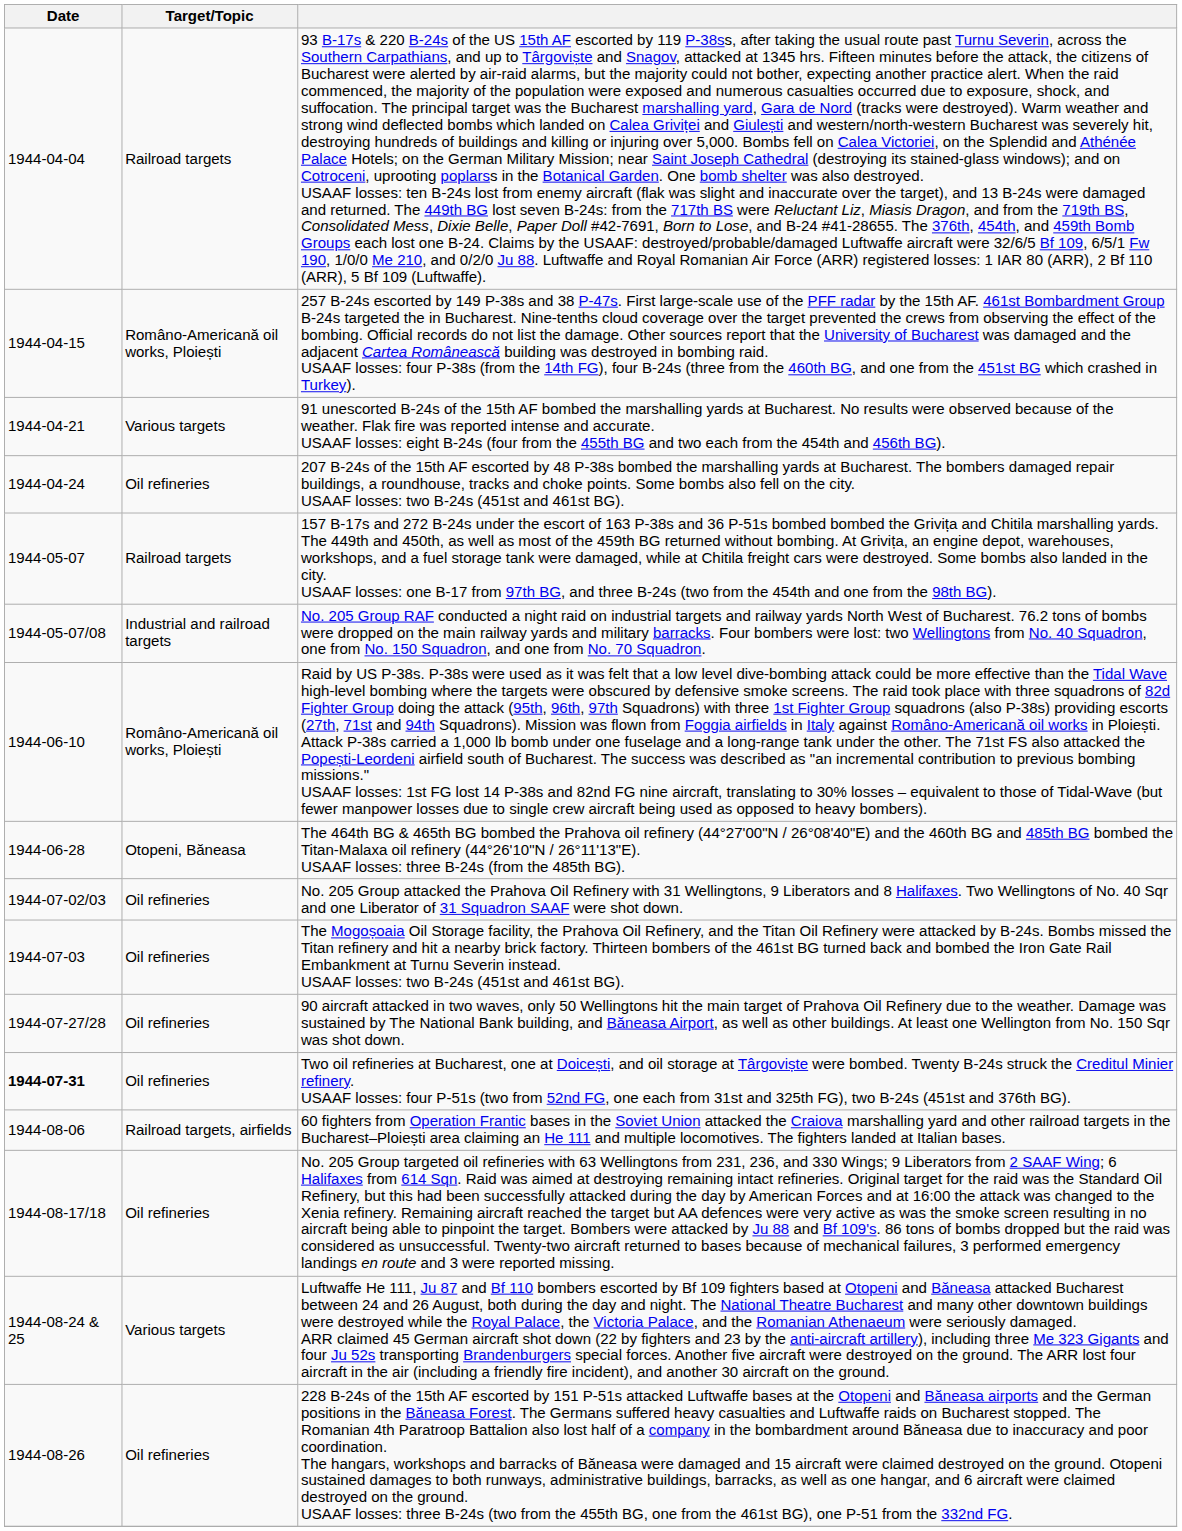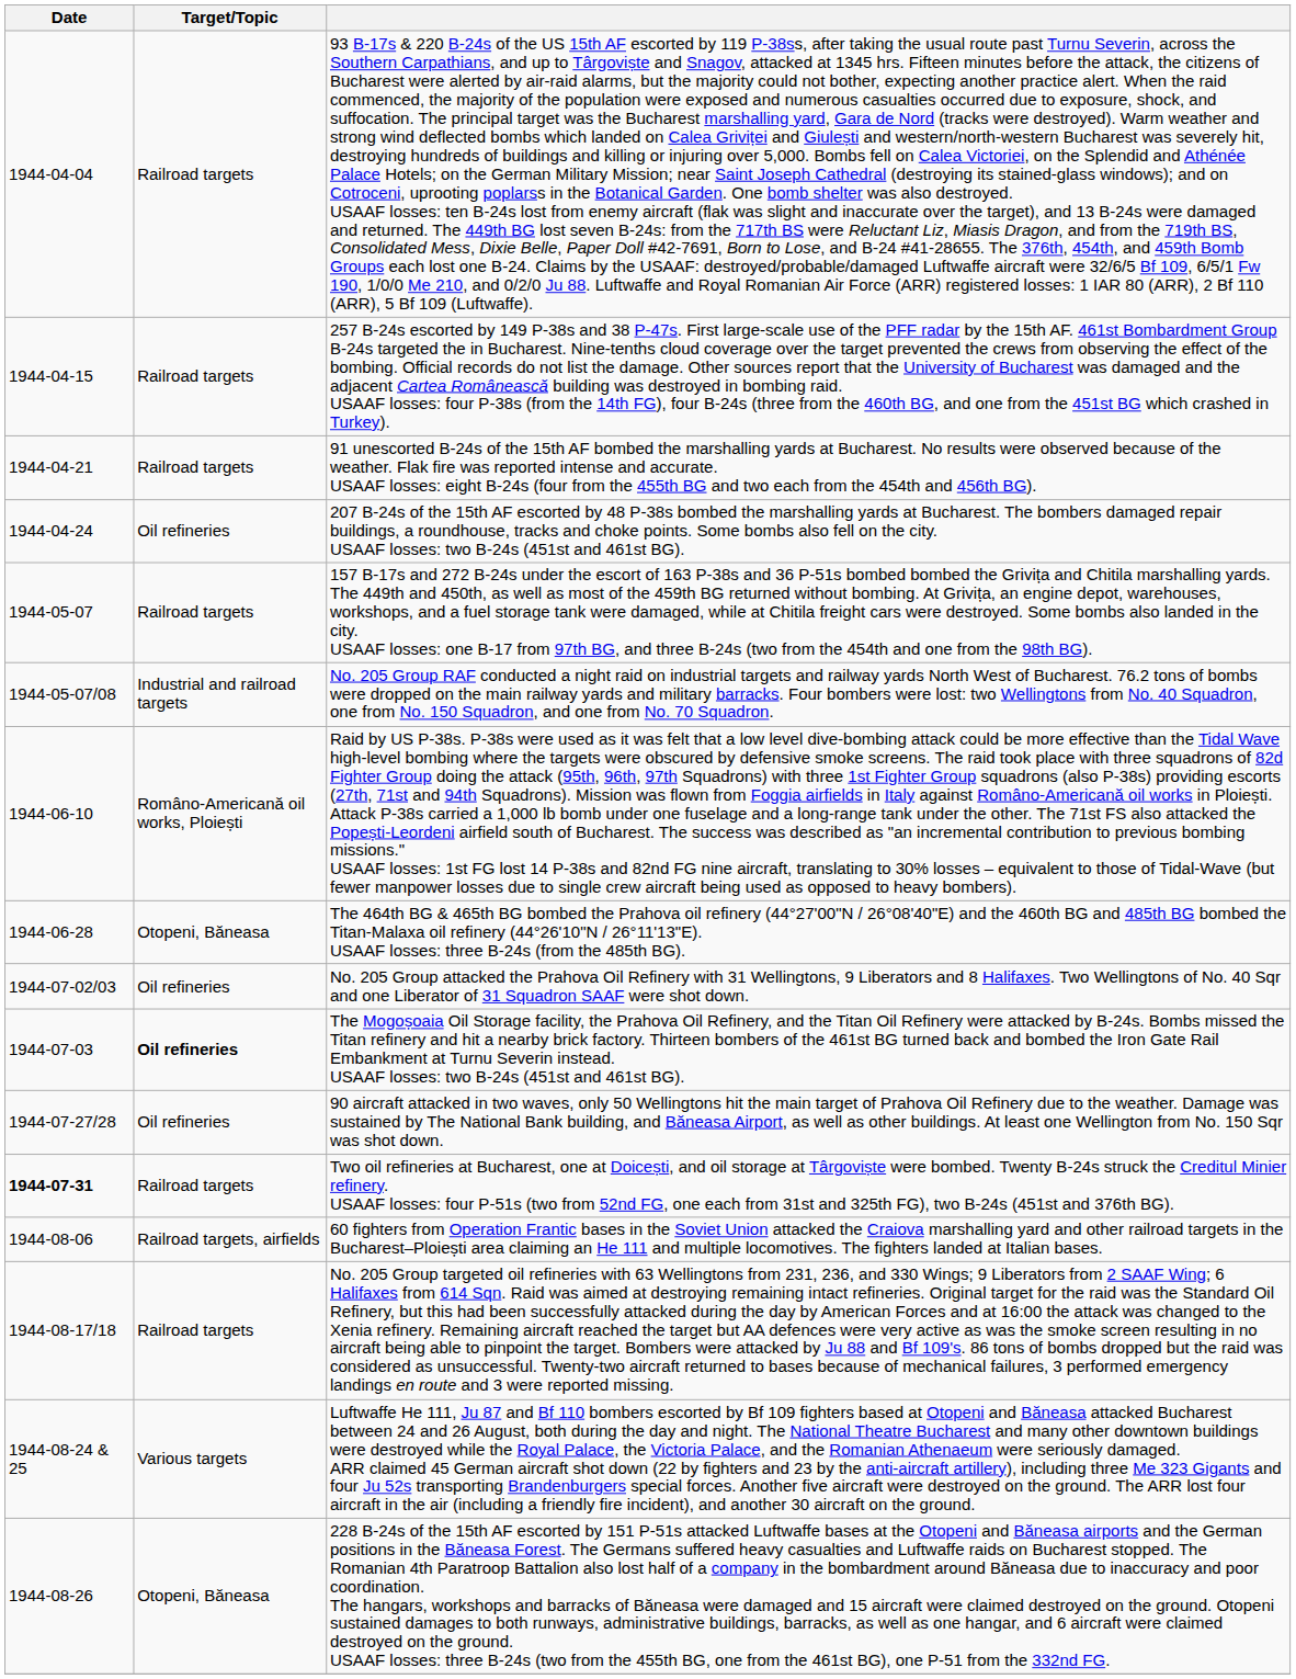 <table class="wikitable sortable">
 <tr>
 <th width=10%>Date</th>
 <th width=15%>Target/Topic</th>
 <th></th>
 </tr>
 <tr>
 <td>1944-04-04</td>
 <td>Railroad targets</td>
 <td> 93 <a href='#'>B-17s</a> & 220 <a href='#'>B-24s</a> of the US <a href='#'>15th AF</a> escorted by 119 <a href='#'>P-38s</a>s, after taking the usual route past <a href='#'>Turnu Severin</a>, across the <a href='#'>Southern Carpathians</a>, and up to <a href='#'>Târgoviște</a> and <a href='#'>Snagov</a>, attacked at 1345 hrs. Fifteen minutes before the attack, the citizens of Bucharest were alerted by air-raid alarms, but the majority could not bother, expecting another practice alert.  When the raid commenced, the majority of the population were exposed and numerous casualties occurred due to exposure, shock, and suffocation. The principal target was the Bucharest <a href='#'>marshalling yard</a>, <a href='#'>Gara de Nord</a> (tracks were destroyed). Warm weather and strong wind deflected bombs which landed on <a href='#'>Calea Griviței</a> and <a href='#'>Giulești</a> and western/north-western Bucharest was severely hit, destroying hundreds of buildings and killing or injuring over 5,000.  Bombs fell on <a href='#'>Calea Victoriei</a>, on the Splendid and <a href='#'>Athénée Palace</a> Hotels; on the German Military Mission; near <a href='#'>Saint Joseph Cathedral</a> (destroying its stained-glass windows); and on <a href='#'>Cotroceni</a>, uprooting <a href='#'>poplars</a>s in the <a href='#'>Botanical Garden</a>. One <a href='#'>bomb shelter</a> was also destroyed.<br>USAAF losses: ten B-24s lost from enemy aircraft (flak was slight and inaccurate over the target), and 13 B-24s were damaged and returned. The <a href='#'>449th BG</a> lost seven B-24s: from the <a href='#'>717th BS</a> were <em>Reluctant Liz</em>, <em>Miasis Dragon</em>, and from the <a href='#'>719th BS</a>, <em>Consolidated Mess</em>, <em>Dixie Belle</em>, <em>Paper Doll</em> #42-7691, <em>Born to Lose</em>, and B-24 #41-28655. The <a href='#'>376th</a>, <a href='#'>454th</a>, and <a href='#'>459th Bomb Groups</a> each lost one B-24. Claims by the USAAF: destroyed/probable/damaged Luftwaffe aircraft were 32/6/5 <a href='#'>Bf 109</a>, 6/5/1 <a href='#'>Fw 190</a>, 1/0/0 <a href='#'>Me 210</a>, and 0/2/0 <a href='#'>Ju 88</a>. Luftwaffe and Royal Romanian Air Force (ARR) registered losses: 1 IAR 80 (ARR), 2 Bf 110 (ARR), 5 Bf 109 (Luftwaffe).</td>
 </tr>
 <tr>
 <td>1944-04-15</td>
-<td>Româno-Americană oil works, Ploiești</td>
+<td>Railroad targets</td>
 <td> 257 B-24s escorted by 149 P-38s and 38 <a href='#'>P-47s</a>. First large-scale use of the <a href='#'>PFF radar</a> by the 15th AF. <a href='#'>461st Bombardment Group</a> B-24s targeted the  in Bucharest. Nine-tenths cloud coverage over the target prevented the crews from observing the effect of the bombing. Official records do not list the damage. Other sources report that the <a href='#'>University of Bucharest</a> was damaged and the adjacent <em><a href='#'>Cartea Românească</a></em> building was destroyed in bombing raid.<br>USAAF losses: four P-38s (from the <a href='#'>14th FG</a>), four B-24s (three from the <a href='#'>460th BG</a>, and one from the <a href='#'>451st BG</a> which crashed in <a href='#'>Turkey</a>).</td>
 </tr>
 <tr>
 <td>1944-04-21</td>
-<td>Various targets</td>
+<td>Railroad targets</td>
 <td> 91 unescorted B-24s of the 15th AF bombed the marshalling yards at Bucharest. No results were observed because of the weather. Flak fire was reported intense and accurate.<br>USAAF losses: eight B-24s (four from the <a href='#'>455th BG</a> and two each from the 454th and <a href='#'>456th BG</a>).</td>
 </tr>
 <tr>
 <td>1944-04-24</td>
 <td>Oil refineries</td>
 <td> 207 B-24s of the 15th AF escorted by 48 P-38s bombed the marshalling yards at Bucharest. The bombers damaged repair buildings, a roundhouse, tracks and choke points. Some bombs also fell on the city.<br>USAAF losses: two B-24s (451st and 461st BG).</td>
 </tr>
 <tr>
 <td>1944-05-07</td>
 <td>Railroad targets</td>
 <td> 157 B-17s and 272 B-24s under the escort of 163 P-38s and 36 P-51s bombed bombed the Grivița and Chitila marshalling yards. The 449th and 450th, as well as most of the 459th BG returned without bombing. At Grivița, an engine depot, warehouses, workshops, and a fuel storage tank were damaged, while at Chitila freight cars were destroyed. Some bombs also landed in the city.<br>USAAF losses: one B-17 from <a href='#'>97th BG</a>, and three B-24s (two from the 454th and one from the <a href='#'>98th BG</a>).</td>
 </tr>
 <tr>
 <td>1944-05-07/08</td>
 <td>Industrial and railroad targets</td>
 <td> <a href='#'>No. 205 Group RAF</a> conducted a night raid on industrial targets and railway yards North West of Bucharest. 76.2 tons of bombs were dropped on the main railway yards and military <a href='#'>barracks</a>. Four bombers were lost: two <a href='#'>Wellingtons</a> from <a href='#'>No. 40 Squadron</a>, one from <a href='#'>No. 150 Squadron</a>, and one from <a href='#'>No. 70 Squadron</a>.</td>
 </tr>
 <tr>
 <td>1944-06-10</td>
 <td>Româno-Americană oil works, Ploiești</td>
 <td> Raid by US P-38s. P-38s were used as it was felt that a low level dive-bombing attack could be more effective than the <a href='#'>Tidal Wave</a> high-level bombing where the targets were obscured by defensive smoke screens. The raid took place with three squadrons of <a href='#'>82d Fighter Group</a> doing the attack (<a href='#'>95th</a>, <a href='#'>96th</a>, <a href='#'>97th</a> Squadrons) with three <a href='#'>1st Fighter Group</a> squadrons (also P-38s) providing escorts (<a href='#'>27th</a>, <a href='#'>71st</a> and  <a href='#'>94th</a> Squadrons). Mission was flown from <a href='#'>Foggia airfields</a> in <a href='#'>Italy</a> against <a href='#'>Româno-Americană oil works</a> in Ploiești. Attack P-38s carried a 1,000 lb bomb under one fuselage and a long-range tank under the other. The 71st FS also attacked the <a href='#'>Popești-Leordeni</a> airfield south of Bucharest. The success was described as "an incremental contribution to previous bombing missions."<br>USAAF losses: 1st FG lost 14 P-38s and 82nd FG nine aircraft, translating to 30% losses – equivalent to those of Tidal-Wave (but fewer manpower losses due to single crew aircraft being used as opposed to heavy bombers).</td>
 </tr>
 <tr>
 <td>1944-06-28</td>
 <td>Otopeni, Băneasa</td>
 <td> The 464th BG & 465th BG bombed the Prahova oil refinery (44°27'00"N / 26°08'40"E) and the 460th BG and <a href='#'>485th BG</a> bombed the Titan-Malaxa oil refinery (44°26'10"N / 26°11'13"E).<br>USAAF losses: three B-24s (from the 485th BG).</td>
 </tr>
 <tr>
 <td>1944-07-02/03</td>
 <td>Oil refineries</td>
 <td> No. 205 Group attacked the Prahova Oil Refinery with 31 Wellingtons, 9 Liberators and 8 <a href='#'>Halifaxes</a>. Two Wellingtons of No. 40 Sqr and one Liberator of <a href='#'>31 Squadron SAAF</a> were shot down.</td>
 </tr>
 <tr>
 <td>1944-07-03</td>
-<td>Oil refineries</td>
+<td><strong>Oil refineries</strong></td>
 <td> The <a href='#'>Mogoșoaia</a> Oil Storage facility, the Prahova Oil Refinery, and the Titan Oil Refinery were attacked by B-24s. Bombs missed the Titan refinery and hit a nearby brick factory. Thirteen bombers of the 461st BG turned back and bombed the Iron Gate Rail Embankment at Turnu Severin instead.<br>USAAF losses: two B-24s (451st and 461st BG).</td>
 </tr>
 <tr>
 <td>1944-07-27/28</td>
 <td>Oil refineries</td>
 <td> 90 aircraft attacked in two waves, only 50 Wellingtons hit the main target of Prahova Oil Refinery due to the weather. Damage was sustained by The National Bank building, and <a href='#'>Băneasa Airport</a>, as well as other buildings. At least one Wellington from No. 150 Sqr was shot down.</td>
 </tr>
 <tr>
 <td><strong>1944-07-31</strong></td>
-<td>Oil refineries</td>
+<td>Railroad targets</td>
 <td> Two oil refineries at Bucharest, one at <a href='#'>Doicești</a>, and oil storage at <a href='#'>Târgoviște</a> were bombed. Twenty B-24s struck the <a href='#'>Creditul Minier refinery</a>.<br>USAAF losses: four P-51s (two from <a href='#'>52nd FG</a>, one each from 31st and 325th FG), two B-24s (451st and 376th BG).</td>
 </tr>
 <tr>
 <td>1944-08-06</td>
 <td>Railroad targets, airfields</td>
 <td> 60 fighters from <a href='#'>Operation Frantic</a> bases in the <a href='#'>Soviet Union</a> attacked the <a href='#'>Craiova</a> marshalling yard and other railroad targets in the Bucharest–Ploiești area claiming an <a href='#'>He 111</a> and multiple locomotives. The fighters landed at Italian bases.</td>
 </tr>
 <tr>
 <td>1944-08-17/18</td>
-<td>Oil refineries</td>
+<td>Railroad targets</td>
 <td> No. 205 Group targeted oil refineries with 63 Wellingtons from 231, 236, and 330 Wings; 9 Liberators from <a href='#'>2 SAAF Wing</a>; 6 <a href='#'>Halifaxes</a> from <a href='#'>614 Sqn</a>. Raid was aimed at destroying remaining intact refineries. Original target for the raid was the Standard Oil Refinery, but this had been successfully attacked during the day by American Forces and at 16:00 the attack was changed to the Xenia refinery. Remaining aircraft reached the target but AA defences were very active as was the smoke screen resulting in no aircraft being able to pinpoint the target. Bombers were attacked by <a href='#'>Ju 88</a> and <a href='#'>Bf 109's</a>. 86 tons of bombs dropped but the raid was considered as unsuccessful. Twenty-two aircraft returned to bases because of mechanical failures, 3 performed emergency landings <em>en route</em> and 3 were reported missing.</td>
 </tr>
 <tr>
 <td>1944-08-24 & 25</td>
 <td>Various targets</td>
 <td> Luftwaffe He 111, <a href='#'>Ju 87</a> and <a href='#'>Bf 110</a> bombers escorted by Bf 109 fighters based at <a href='#'>Otopeni</a> and <a href='#'>Băneasa</a> attacked Bucharest between 24 and 26 August, both during the day and night. The <a href='#'>National Theatre Bucharest</a> and many other downtown buildings were destroyed while the <a href='#'>Royal Palace</a>, the <a href='#'>Victoria Palace</a>, and the <a href='#'>Romanian Athenaeum</a> were seriously damaged.<br>ARR claimed 45 German aircraft shot down (22 by fighters and 23 by the <a href='#'>anti-aircraft artillery</a>), including three <a href='#'>Me 323 Gigants</a> and four <a href='#'>Ju 52s</a> transporting <a href='#'>Brandenburgers</a> special forces. Another five aircraft were destroyed on the ground. The ARR lost four aircraft in the air (including a friendly fire incident), and another 30 aircraft on the ground.</td>
 </tr>
 <tr>
 <td>1944-08-26</td>
-<td>Oil refineries</td>
+<td>Otopeni, Băneasa</td>
 <td> 228 B-24s of the 15th AF escorted by 151 P-51s attacked Luftwaffe bases at the <a href='#'>Otopeni</a> and <a href='#'>Băneasa airports</a> and the German positions in the <a href='#'>Băneasa Forest</a>. The Germans suffered heavy casualties and Luftwaffe raids on Bucharest stopped. The Romanian 4th Paratroop Battalion also lost half of a <a href='#'>company</a> in the bombardment around Băneasa due to inaccuracy and poor coordination.<br>The hangars, workshops and barracks of Băneasa were damaged and 15 aircraft were claimed destroyed on the ground. Otopeni sustained damages to both runways, administrative buildings, barracks, as well as one hangar, and 6 aircraft were claimed destroyed on the ground.<br>USAAF losses: three B-24s (two from the 455th BG, one from the 461st BG), one P-51 from the <a href='#'>332nd FG</a>.</td>
 </tr>
 <tr>
 </tr>
 </table>
